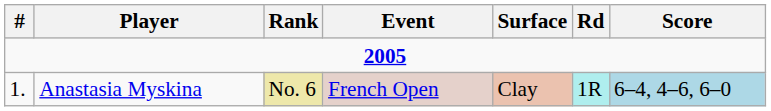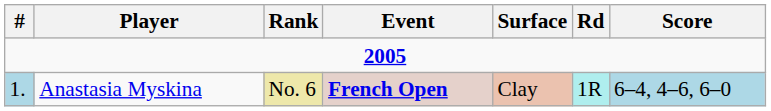 <table class="wikitable sortable">
 <tr>
 <th width=15>#</th>
 <th width=165>Player</th>
 <th width=30>Rank</th>
 <th width=120>Event</th>
 <th width=50>Surface</th>
 <th>Rd</th>
 <th width=110>Score</th>
 </tr>
 <tr>
 <td colspan=7 style=text-align:center><strong><a href='#'>2005</a></strong></td>
 </tr>
 <tr>
-<td>1.</td>
+<td style="background: lightblue;">1.</td>
 <td> <a href='#'>Anastasia Myskina</a></td>
 <td bgcolor=eee8aa>No. 6</td>
-<td bgcolor=e5d1cb><a href='#'>French Open</a></td>
+<td bgcolor=e5d1cb><strong><a href='#'>French Open</a></strong></td>
 <td bgcolor=ebc2af>Clay</td>
 <td bgcolor=afeeee>1R</td>
 <td style="background: lightblue;">6–4, 4–6, 6–0</td>
 </tr>
 </table>
